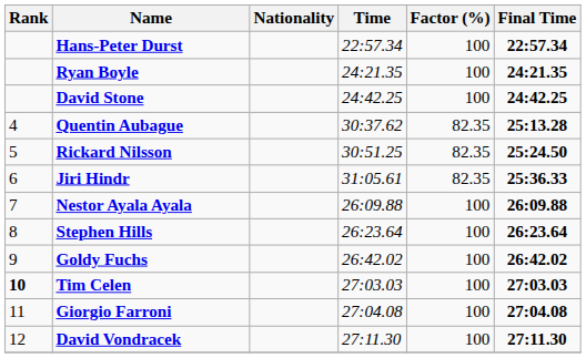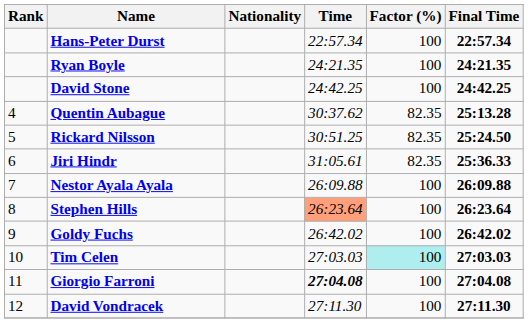 <table class="wikitable sortable" style="text-align:left">
 <tr>
 <th width=20>Rank</th>
 <th width=180>Name</th>
 <th>Nationality</th>
 <th>Time</th>
 <th>Factor (%)</th>
 <th>Final Time</th>
 </tr>
 <tr>
 <td></td>
 <td><strong><a href='#'>Hans-Peter Durst</a></strong></td>
 <td><strong></strong></td>
 <td><em>22:57.34</em></td>
 <td align=right>100</td>
 <td align=center><strong>22:57.34</strong></td>
 </tr>
 <tr>
 <td></td>
 <td><strong><a href='#'>Ryan Boyle</a></strong></td>
 <td><strong></strong></td>
 <td><em>24:21.35</em></td>
 <td align=right>100</td>
 <td align=center><strong>24:21.35</strong></td>
 </tr>
 <tr>
 <td></td>
 <td><strong><a href='#'>David Stone</a></strong></td>
 <td><strong></strong></td>
 <td><em>24:42.25</em></td>
 <td align=right>100</td>
 <td align=center><strong>24:42.25</strong></td>
 </tr>
 <tr>
 <td>4</td>
 <td><strong><a href='#'>Quentin Aubague</a></strong></td>
 <td><strong></strong></td>
 <td><em>30:37.62</em></td>
 <td align=right>82.35</td>
 <td align=center><strong>25:13.28</strong></td>
 </tr>
 <tr>
 <td>5</td>
 <td><strong><a href='#'>Rickard Nilsson</a></strong></td>
 <td><strong></strong></td>
 <td><em>30:51.25</em></td>
 <td align=right>82.35</td>
 <td align=center><strong>25:24.50</strong></td>
 </tr>
 <tr>
 <td>6</td>
 <td><strong><a href='#'>Jiri Hindr</a></strong></td>
 <td><strong></strong></td>
 <td><em>31:05.61</em></td>
 <td align=right>82.35</td>
 <td align=center><strong>25:36.33</strong></td>
 </tr>
 <tr>
 <td>7</td>
 <td><strong><a href='#'>Nestor Ayala Ayala</a></strong></td>
 <td><strong></strong></td>
 <td><em>26:09.88</em></td>
 <td align=right>100</td>
 <td align=center><strong>26:09.88</strong></td>
 </tr>
 <tr>
 <td>8</td>
 <td><strong><a href='#'>Stephen Hills</a></strong></td>
 <td><strong></strong></td>
-<td><em>26:23.64</em></td>
+<td style="background: lightsalmon;"><em>26:23.64</em></td>
 <td align=right>100</td>
 <td align=center><strong>26:23.64</strong></td>
 </tr>
 <tr>
 <td>9</td>
 <td><strong><a href='#'>Goldy Fuchs</a></strong></td>
 <td><strong></strong></td>
 <td><em>26:42.02</em></td>
 <td align=right>100</td>
 <td align=center><strong>26:42.02</strong></td>
 </tr>
 <tr>
-<td><strong>10</strong></td>
+<td>10</td>
 <td><strong><a href='#'>Tim Celen</a></strong></td>
 <td><strong></strong></td>
 <td><em>27:03.03</em></td>
-<td align=right>100</td>
+<td align=right style="background: paleturquoise;">100</td>
 <td align=center><strong>27:03.03</strong></td>
 </tr>
 <tr>
 <td>11</td>
 <td><strong><a href='#'>Giorgio Farroni</a></strong></td>
 <td><strong></strong></td>
-<td><em>27:04.08</em></td>
+<td><strong><em>27:04.08</em></strong></td>
 <td align=right>100</td>
 <td align=center><strong>27:04.08</strong></td>
 </tr>
 <tr>
 <td>12</td>
 <td><strong><a href='#'>David Vondracek</a></strong></td>
 <td><strong></strong></td>
 <td><em>27:11.30</em></td>
 <td align=right>100</td>
 <td align=center><strong>27:11.30</strong></td>
 </tr>
 <tr>
 </tr>
 </table>
